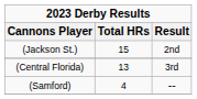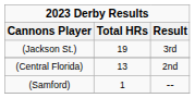 <table class="wikitable" style="text-align:center">
 <tr>
 <td colspan="6"><strong>2023 Derby Results</strong></td>
 </tr>
 <tr>
 <th>Cannons Player</th>
 <th>Total HRs</th>
 <th>Result</th>
 </tr>
 <tr>
 <td><small> (Jackson St.)</small></td>
-<td><small>15</small></td>
-<td><small>2nd</small></td>
+<td><small>19</small></td>
+<td><small>3rd</small></td>
 </tr>
 <tr>
 </tr>
 <tr>
 <td><small> (Central Florida)</small></td>
 <td><small>13</small></td>
-<td><small>3rd</small></td>
+<td><small>2nd</small></td>
 </tr>
 <tr>
 <td><small> (Samford)</small></td>
-<td><small>4</small></td>
+<td><small>1</small></td>
 <td>--</td>
 </tr>
 <tr>
 </tr>
 </table>
